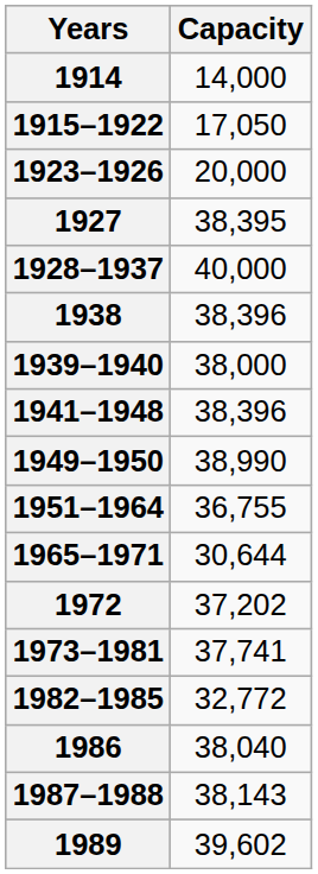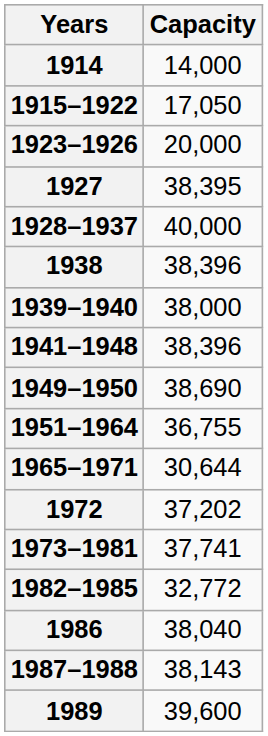 <table class="wikitable">
 <tr>
 <th scope="row">Years</th>
 <th scope="row">Capacity</th>
 </tr>
 <tr>
 <th scope="row">1914</th>
 <td style="text-align:center">14,000</td>
 </tr>
 <tr>
 <th scope="row">1915–1922</th>
 <td style="text-align:center">17,050</td>
 </tr>
 <tr>
 <th scope="row">1923–1926</th>
 <td style="text-align:center">20,000</td>
 </tr>
 <tr>
 <th scope="row">1927</th>
 <td style="text-align:center">38,395</td>
 </tr>
 <tr>
 <th scope="row">1928–1937</th>
 <td style="text-align:center">40,000</td>
 </tr>
 <tr>
 <th scope="row">1938</th>
 <td style="text-align:center">38,396</td>
 </tr>
 <tr>
 <th scope="row">1939–1940</th>
 <td style="text-align:center">38,000</td>
 </tr>
 <tr>
 <th scope="row">1941–1948</th>
 <td style="text-align:center">38,396</td>
 </tr>
 <tr>
 <th scope="row">1949–1950</th>
-<td style="text-align:center">38,990</td>
+<td style="text-align:center">38,690</td>
 </tr>
 <tr>
 <th scope="row">1951–1964</th>
 <td style="text-align:center">36,755</td>
 </tr>
 <tr>
 <th scope="row">1965–1971</th>
 <td style="text-align:center">30,644</td>
 </tr>
 <tr>
 <th scope="row">1972</th>
 <td style="text-align:center">37,202</td>
 </tr>
 <tr>
 <th scope="row">1973–1981</th>
 <td style="text-align:center">37,741</td>
 </tr>
 <tr>
 <th scope="row">1982–1985</th>
 <td style="text-align:center">32,772</td>
 </tr>
 <tr>
 <th scope="row">1986</th>
 <td style="text-align:center">38,040</td>
 </tr>
 <tr>
 <th scope="row">1987–1988</th>
 <td style="text-align:center">38,143</td>
 </tr>
 <tr>
 <th scope="row">1989</th>
-<td style="text-align:center">39,602</td>
+<td style="text-align:center">39,600</td>
 </tr>
 </table>
